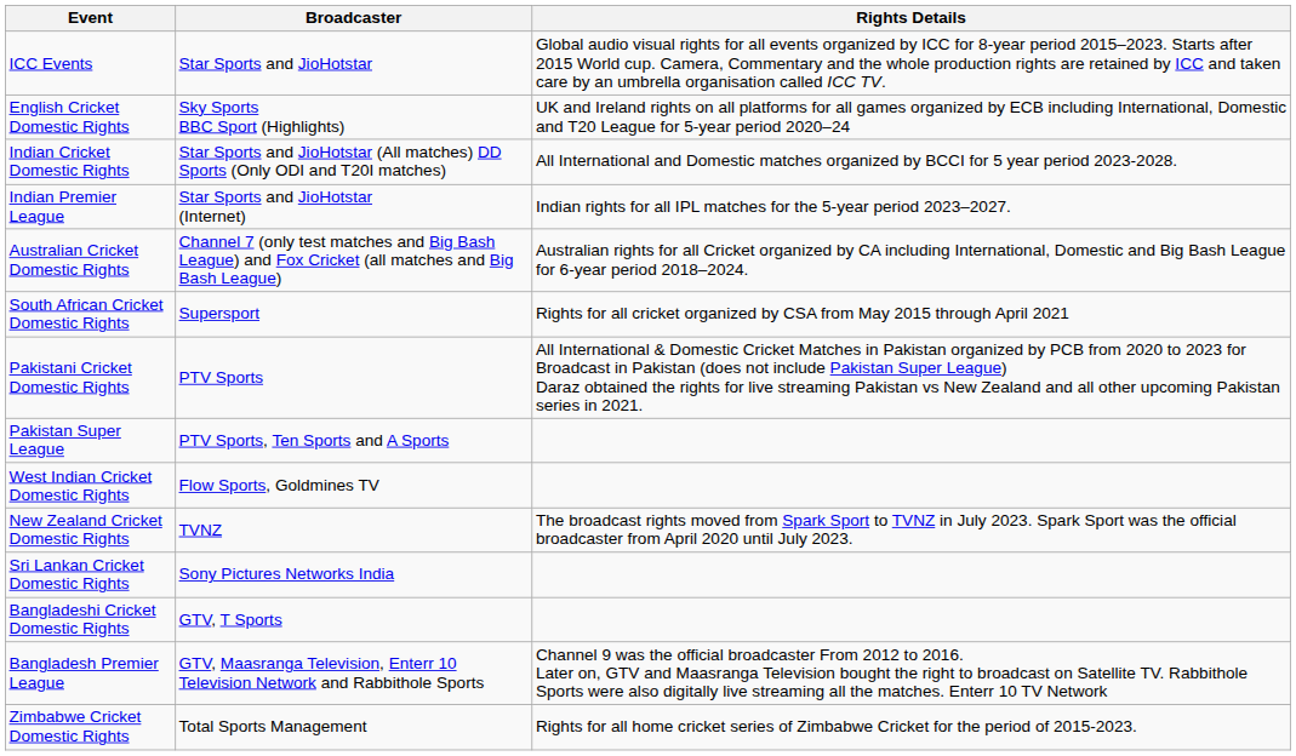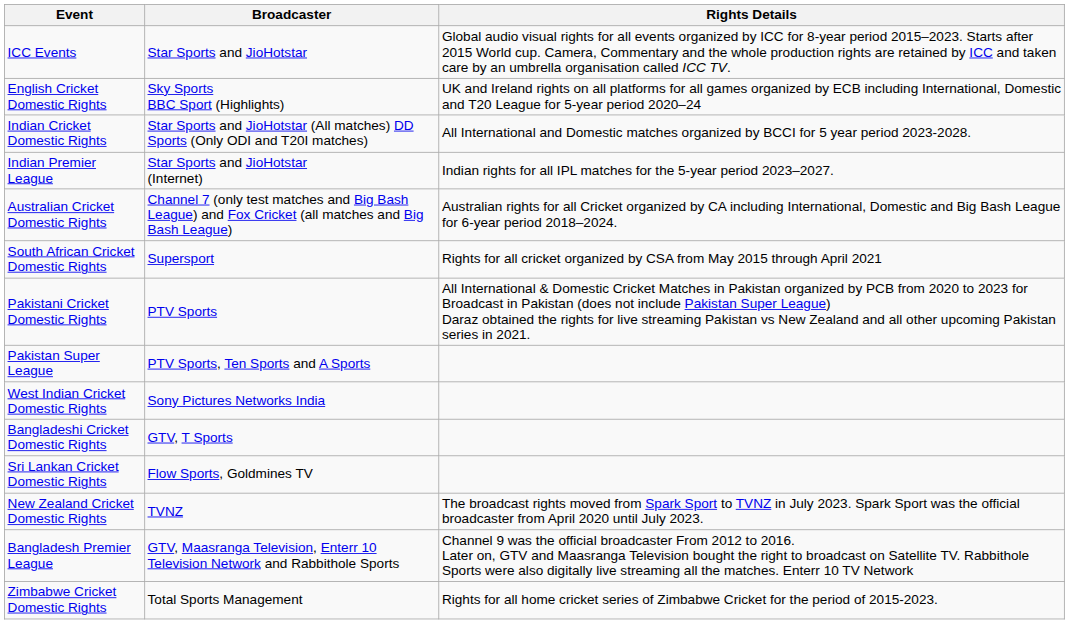 <table class="wikitable sortable collapsible">
 <tr>
 <th>Event</th>
 <th>Broadcaster</th>
 <th>Rights Details</th>
 </tr>
 <tr>
 <td><a href='#'>ICC Events</a></td>
 <td><a href='#'>Star Sports</a>  and <a href='#'>JioHotstar</a></td>
 <td>Global audio visual rights for all events organized by ICC for 8-year period 2015–2023. Starts after 2015 World cup. Camera, Commentary and the whole production rights are retained by <a href='#'>ICC</a> and taken care by an umbrella organisation called <em>ICC TV</em>.</td>
 </tr>
 <tr>
 <td><a href='#'>English Cricket Domestic Rights</a></td>
 <td><a href='#'>Sky Sports</a><br><a href='#'>BBC Sport</a> (Highlights)</td>
 <td>UK and Ireland rights on all platforms for all games organized by ECB including International, Domestic and T20 League for 5-year period 2020–24</td>
 </tr>
 <tr>
 <td><a href='#'>Indian Cricket Domestic Rights</a></td>
 <td><a href='#'>Star Sports</a> and <a href='#'>JioHotstar</a> (All matches) <a href='#'>DD Sports</a> (Only ODI and T20I matches)</td>
 <td>All International and Domestic matches organized by BCCI for 5 year period 2023-2028.</td>
 </tr>
 <tr>
 <td><a href='#'>Indian Premier League</a></td>
 <td><a href='#'>Star Sports</a> and <a href='#'>JioHotstar</a><br>(Internet)</td>
 <td>Indian rights for all IPL matches for the 5-year period 2023–2027.</td>
 </tr>
 <tr>
 <td><a href='#'>Australian Cricket Domestic Rights</a></td>
 <td><a href='#'>Channel 7</a> (only test matches and <a href='#'>Big Bash League</a>) and <a href='#'>Fox Cricket</a> (all matches and <a href='#'>Big Bash League</a>)</td>
 <td>Australian rights for all Cricket organized by CA including International, Domestic and Big Bash League for 6-year period 2018–2024.</td>
 </tr>
 <tr>
 <td><a href='#'>South African Cricket Domestic Rights</a></td>
 <td><a href='#'>Supersport</a></td>
 <td>Rights for all cricket organized by CSA from May 2015 through April 2021</td>
 </tr>
 <tr>
 <td><a href='#'>Pakistani Cricket Domestic Rights</a></td>
 <td><a href='#'>PTV Sports</a></td>
 <td>All  International & Domestic Cricket Matches in Pakistan organized by PCB from 2020 to 2023 for Broadcast in Pakistan (does not include <a href='#'>Pakistan Super League</a>)<br>Daraz obtained the rights for live streaming Pakistan vs New Zealand and all other upcoming Pakistan series in 2021.</td>
 </tr>
 <tr>
 <td><a href='#'>Pakistan Super League</a></td>
 <td><a href='#'>PTV Sports</a>, <a href='#'>Ten Sports</a> and <a href='#'>A Sports</a></td>
 <td></td>
 </tr>
 <tr>
 <td><a href='#'>West Indian Cricket Domestic Rights</a></td>
+<td><a href='#'>Sony Pictures Networks India</a></td>
+<td></td>
+</tr>
+<tr>
+<td><a href='#'>Bangladeshi Cricket Domestic Rights</a></td>
+<td><a href='#'>GTV</a>, <a href='#'>T Sports</a></td>
+<td></td>
+</tr>
+<tr>
+<td><a href='#'>Sri Lankan Cricket Domestic Rights</a></td>
 <td><a href='#'>Flow Sports</a>, Goldmines TV</td>
 <td></td>
 </tr>
 <tr>
 <td><a href='#'>New Zealand Cricket Domestic Rights</a></td>
 <td><a href='#'>TVNZ</a></td>
 <td>The broadcast rights moved from <a href='#'>Spark Sport</a> to <a href='#'>TVNZ</a> in July 2023. Spark Sport was the official broadcaster from April 2020 until July 2023.</td>
-</tr>
-<tr>
-<td><a href='#'>Sri Lankan Cricket Domestic Rights</a></td>
-<td><a href='#'>Sony Pictures Networks India</a></td>
-<td></td>
-</tr>
-<tr>
-<td><a href='#'>Bangladeshi Cricket Domestic Rights</a></td>
-<td><a href='#'>GTV</a>, <a href='#'>T Sports</a></td>
-<td></td>
 </tr>
 <tr>
 <td><a href='#'>Bangladesh Premier League</a></td>
 <td><a href='#'>GTV</a>, <a href='#'>Maasranga Television</a>, <a href='#'>Enterr 10 Television Network</a> and Rabbithole Sports</td>
 <td>Channel 9 was the official broadcaster From 2012 to 2016.<br>Later on, GTV and Maasranga Television bought the right to broadcast on Satellite TV. Rabbithole Sports were also digitally live streaming all the matches. Enterr 10 TV Network</td>
 </tr>
 <tr>
 <td><a href='#'>Zimbabwe Cricket Domestic Rights</a></td>
 <td>Total Sports Management</td>
 <td>Rights for all home cricket series of Zimbabwe Cricket for the period of 2015-2023.</td>
 </tr>
 </table>
